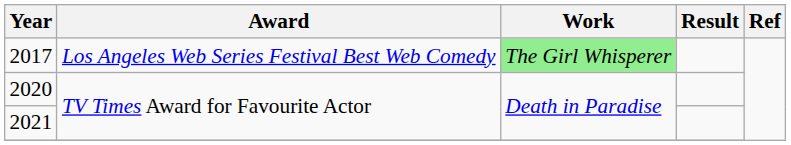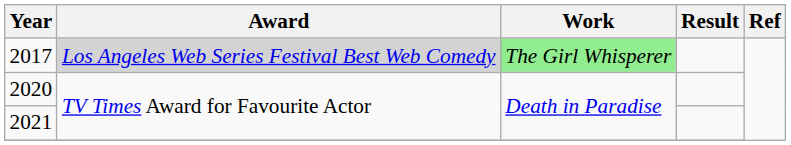 <table class=wikitable>
 <tr>
 <th>Year</th>
 <th>Award</th>
 <th>Work</th>
 <th>Result</th>
 <th>Ref</th>
 </tr>
 <tr>
 <td>2017</td>
-<td><em><a href='#'> Los Angeles Web Series Festival Best Web Comedy</a></em></td>
+<td style="background: lightgrey;"><em><a href='#'> Los Angeles Web Series Festival Best Web Comedy</a></em></td>
 <td style="background: lightgreen;"><em>The Girl Whisperer</em> </td>
 <td></td>
 </tr>
 <tr>
 <td>2020</td>
 <td rowspan=2><em><a href='#'>TV Times</a></em> Award for Favourite Actor</td>
 <td rowspan=2><em><a href='#'>Death in Paradise</a></em> </td>
 <td></td>
 </tr>
 <tr>
 <td>2021</td>
 <td></td>
 </tr>
 <tr>
 </tr>
 </table>
